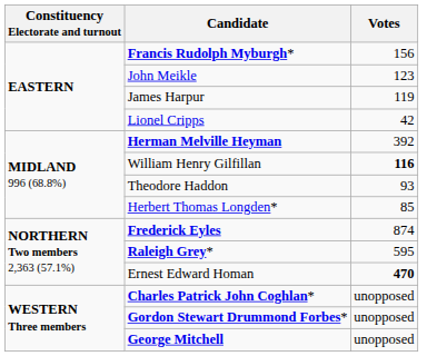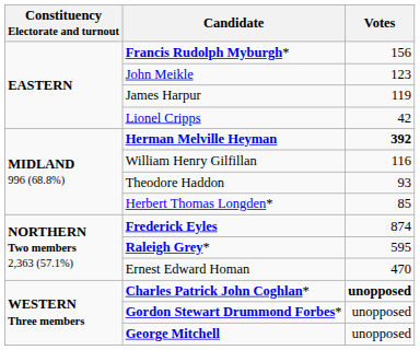 <table class=wikitable style=text-align:right>
 <tr>
 <th>Constituency<br><small>Electorate and turnout</small></th>
 <th>Candidate</th>
 <th>Votes</th>
 </tr>
 <tr>
 <td rowspan=4 align=left><strong>EASTERN</strong></td>
 <td align=left><strong><a href='#'>Francis Rudolph Myburgh</a></strong>*</td>
 <td>156</td>
 </tr>
 <tr>
 <td align=left><a href='#'>John Meikle</a></td>
 <td>123</td>
 </tr>
 <tr>
 <td align=left>James Harpur</td>
 <td>119</td>
 </tr>
 <tr>
 <td align=left><a href='#'>Lionel Cripps</a></td>
 <td>42</td>
 </tr>
 <tr>
 <td rowspan=4 align=left><strong>MIDLAND</strong><br><small>996 (68.8%)</small></td>
 <td align=left><strong><a href='#'>Herman Melville Heyman</a></strong></td>
-<td>392</td>
+<td><strong>392</strong></td>
 </tr>
 <tr>
 <td align=left>William Henry Gilfillan</td>
-<td><strong>116</strong></td>
+<td>116</td>
 </tr>
 <tr>
 <td align=left>Theodore Haddon</td>
 <td>93</td>
 </tr>
 <tr>
 <td align=left><a href='#'>Herbert Thomas Longden</a>*</td>
 <td>85</td>
 </tr>
 <tr>
 <td rowspan=3 align=left><strong>NORTHERN</strong><br><small><strong>Two members</strong><br>2,363 (57.1%)</small></td>
 <td align=left><strong><a href='#'>Frederick Eyles</a></strong></td>
 <td>874</td>
 </tr>
 <tr>
 <td align=left><strong><a href='#'>Raleigh Grey</a></strong>*</td>
 <td>595</td>
 </tr>
 <tr>
 <td align=left>Ernest Edward Homan</td>
-<td><strong>470</strong></td>
+<td>470</td>
 </tr>
 <tr>
 <td rowspan=3 align=left><strong>WESTERN</strong><br><small><strong>Three members</strong></small></td>
 <td align=left><strong><a href='#'>Charles Patrick John Coghlan</a></strong>*</td>
-<td>unopposed</td>
+<td><strong>unopposed</strong></td>
 </tr>
 <tr>
 <td align=left><strong><a href='#'>Gordon Stewart Drummond Forbes</a></strong>*</td>
 <td>unopposed</td>
 </tr>
 <tr>
 <td align=left><strong><a href='#'>George Mitchell</a></strong></td>
 <td>unopposed</td>
 </tr>
 </table>
